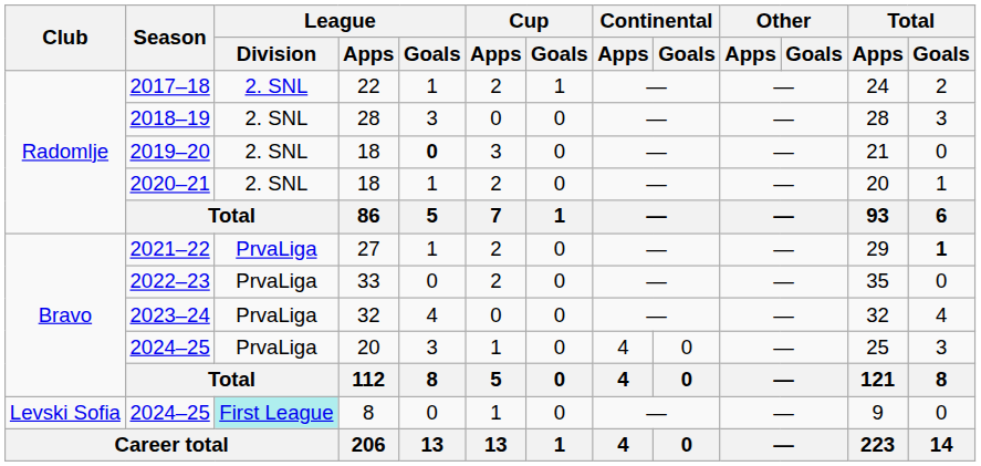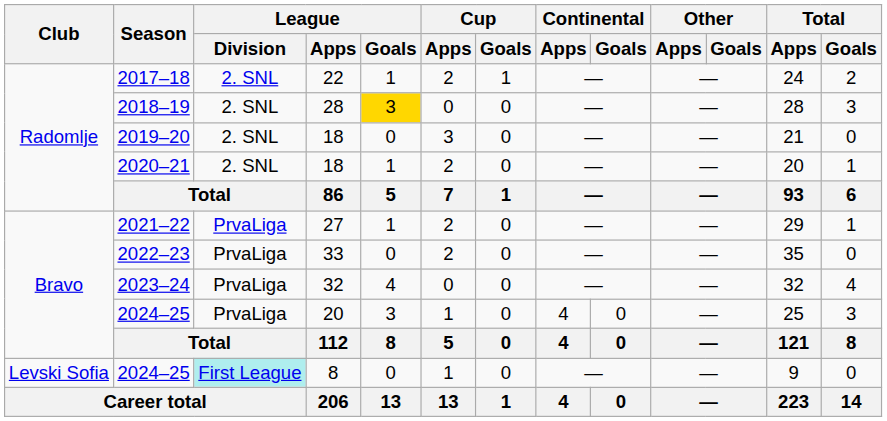 <table class="wikitable" style="text-align:center">
 <tr>
 <th rowspan="2">Club</th>
 <th rowspan="2">Season</th>
 <th colspan="3">League</th>
 <th colspan="2">Cup</th>
 <th colspan="2">Continental</th>
 <th colspan="2">Other</th>
 <th colspan="2">Total</th>
 </tr>
 <tr>
 <th>Division</th>
 <th>Apps</th>
 <th>Goals</th>
 <th>Apps</th>
 <th>Goals</th>
 <th>Apps</th>
 <th>Goals</th>
 <th>Apps</th>
 <th>Goals</th>
 <th>Apps</th>
 <th>Goals</th>
 </tr>
 <tr>
 <td rowspan="5"><a href='#'>Radomlje</a></td>
 <td><a href='#'>2017–18</a></td>
 <td><a href='#'>2. SNL</a></td>
 <td>22</td>
 <td>1</td>
 <td>2</td>
 <td>1</td>
 <td colspan="2">—</td>
 <td colspan="2">—</td>
 <td>24</td>
 <td>2</td>
 </tr>
 <tr>
 <td><a href='#'>2018–19</a></td>
 <td>2. SNL</td>
 <td>28</td>
-<td>3</td>
+<td style="background: gold;">3</td>
 <td>0</td>
 <td>0</td>
 <td colspan="2">—</td>
 <td colspan="2">—</td>
 <td>28</td>
 <td>3</td>
 </tr>
 <tr>
 <td><a href='#'>2019–20</a></td>
 <td>2. SNL</td>
 <td>18</td>
-<td><strong>0</strong></td>
+<td>0</td>
 <td>3</td>
 <td>0</td>
 <td colspan="2">—</td>
 <td colspan="2">—</td>
 <td>21</td>
 <td>0</td>
 </tr>
 <tr>
 <td><a href='#'>2020–21</a></td>
 <td>2. SNL</td>
 <td>18</td>
 <td>1</td>
 <td>2</td>
 <td>0</td>
 <td colspan="2">—</td>
 <td colspan="2">—</td>
 <td>20</td>
 <td>1</td>
 </tr>
 <tr>
 <th colspan="2">Total</th>
 <th>86</th>
 <th>5</th>
 <th>7</th>
 <th>1</th>
 <th colspan="2">—</th>
 <th colspan="2">—</th>
 <th>93</th>
 <th>6</th>
 </tr>
 <tr>
 <td rowspan="5"><a href='#'>Bravo</a></td>
 <td><a href='#'>2021–22</a></td>
 <td><a href='#'>PrvaLiga</a></td>
 <td>27</td>
 <td>1</td>
 <td>2</td>
 <td>0</td>
 <td colspan="2">—</td>
 <td colspan="2">—</td>
 <td>29</td>
-<td><strong>1</strong></td>
+<td>1</td>
 </tr>
 <tr>
 <td><a href='#'>2022–23</a></td>
 <td>PrvaLiga</td>
 <td>33</td>
 <td>0</td>
 <td>2</td>
 <td>0</td>
 <td colspan="2">—</td>
 <td colspan="2">—</td>
 <td>35</td>
 <td>0</td>
 </tr>
 <tr>
 <td><a href='#'>2023–24</a></td>
 <td>PrvaLiga</td>
 <td>32</td>
 <td>4</td>
 <td>0</td>
 <td>0</td>
 <td colspan="2">—</td>
 <td colspan="2">—</td>
 <td>32</td>
 <td>4</td>
 </tr>
 <tr>
 <td><a href='#'>2024–25</a></td>
 <td>PrvaLiga</td>
 <td>20</td>
 <td>3</td>
 <td>1</td>
 <td>0</td>
 <td>4</td>
 <td>0</td>
 <td colspan="2">—</td>
 <td>25</td>
 <td>3</td>
 </tr>
 <tr>
 <th colspan="2">Total</th>
 <th>112</th>
 <th>8</th>
 <th>5</th>
 <th>0</th>
 <th>4</th>
 <th>0</th>
 <th colspan="2">—</th>
 <th>121</th>
 <th>8</th>
 </tr>
 <tr>
 <td><a href='#'>Levski Sofia</a></td>
 <td><a href='#'>2024–25</a></td>
 <td style="background: paleturquoise;"><a href='#'>First League</a></td>
 <td>8</td>
 <td>0</td>
 <td>1</td>
 <td>0</td>
 <td colspan="2">—</td>
 <td colspan="2">—</td>
 <td>9</td>
 <td>0</td>
 </tr>
 <tr>
 <th colspan="3">Career total</th>
 <th>206</th>
 <th>13</th>
 <th>13</th>
 <th>1</th>
 <th>4</th>
 <th>0</th>
 <th colspan="2">—</th>
 <th>223</th>
 <th>14</th>
 </tr>
 </table>
